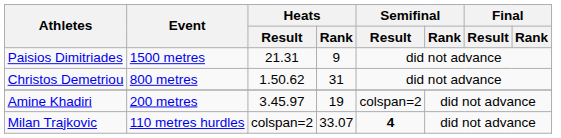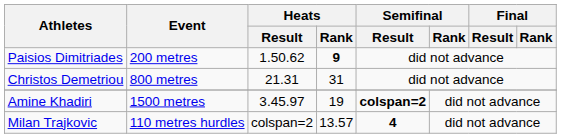 <table class="wikitable" border="1" style="font-size:90%">
 <tr>
 <th rowspan="2">Athletes</th>
 <th rowspan="2">Event</th>
 <th colspan="2">Heats</th>
 <th colspan="2">Semifinal</th>
 <th colspan="2">Final</th>
 </tr>
 <tr>
 <th>Result</th>
 <th>Rank</th>
 <th>Result</th>
 <th>Rank</th>
 <th>Result</th>
 <th>Rank</th>
 </tr>
 <tr>
 <td><a href='#'>Paisios Dimitriades</a></td>
-<td><a href='#'>1500 metres</a></td>
-<td align=center>21.31</td>
-<td align=center>9</td>
+<td><a href='#'>200 metres</a></td>
+<td align=center>1.50.62</td>
+<td align=center><strong>9</strong></td>
 <td align=center colspan=4>did not advance</td>
 </tr>
 <tr>
 <td><a href='#'>Christos Demetriou</a></td>
 <td><a href='#'>800 metres</a></td>
-<td align=center>1.50.62</td>
+<td align=center>21.31</td>
 <td align=center>31</td>
 <td align=center colspan=4>did not advance</td>
 </tr>
 <tr align=center>
 </tr>
 <tr>
 <td><a href='#'>Amine Khadiri</a></td>
-<td><a href='#'>200 metres</a></td>
+<td><a href='#'>1500 metres</a></td>
 <td align=center>3.45.97</td>
 <td align=center>19</td>
-<td>colspan=2</td>
+<td><strong>colspan=2</strong></td>
 <td align=center colspan=4>did not advance</td>
 </tr>
 <tr>
 <td><a href='#'>Milan Trajkovic</a></td>
 <td><a href='#'>110 metres hurdles</a></td>
 <td>colspan=2 </td>
-<td align=center>33.07</td>
+<td align=center>13.57</td>
 <td align=center><strong>4</strong></td>
 <td align=center colspan=4>did not advance</td>
 </tr>
 </table>
